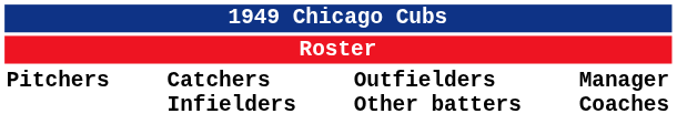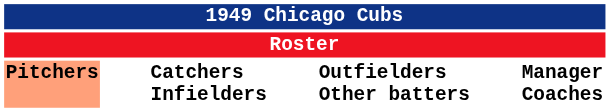 <table class="toccolours" style="font-size: 95%;">
 <tr>
 <th colspan="10" style="background-color: #0e3386; color: white; text-align: center;">1949 Chicago Cubs</th>
 </tr>
 <tr>
 <td colspan="10" style="background-color: #EE1422; color: white; text-align: center;"><strong>Roster</strong></td>
 </tr>
 <tr>
-<td valign="top"><strong>Pitchers</strong><br>              </td>
+<td valign="top" style="background: lightsalmon;"><strong>Pitchers</strong><br>              </td>
 <td width="25px"></td>
 <td valign="top"><strong>Catchers</strong><br>     <strong>Infielders</strong>           </td>
 <td width="25px"></td>
 <td valign="top"><strong>Outfielders</strong><br>        <strong>Other batters</strong> </td>
 <td width="25px"></td>
 <td valign="top"><strong>Manager</strong><br>  <strong>Coaches</strong>  </td>
 </tr>
 <tr>
 </tr>
 </table>
